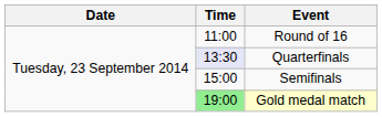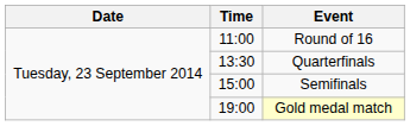 <table class = "wikitable" style="text-align:center;">
 <tr>
 <th width=220>Date</th>
 <th width=50>Time</th>
 <th width=150>Event</th>
 </tr>
 <tr>
 <td rowspan=4>Tuesday, 23 September 2014</td>
 <td>11:00</td>
 <td>Round of 16</td>
 </tr>
 <tr>
-<td style="background: lavender;">13:30</td>
+<td>13:30</td>
 <td>Quarterfinals</td>
 </tr>
 <tr>
 <td>15:00</td>
 <td>Semifinals</td>
 </tr>
 <tr>
-<td style="background: lightgreen;">19:00</td>
+<td>19:00</td>
 <td bgcolor=ffffcc>Gold medal match</td>
 </tr>
 </table>
